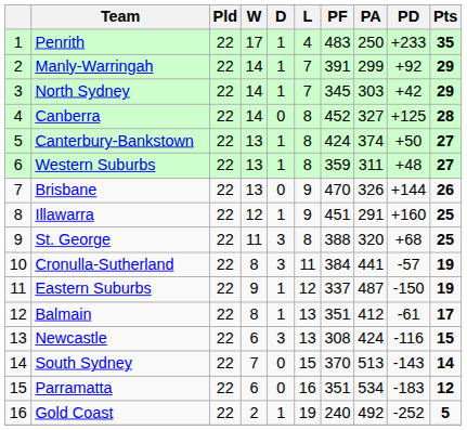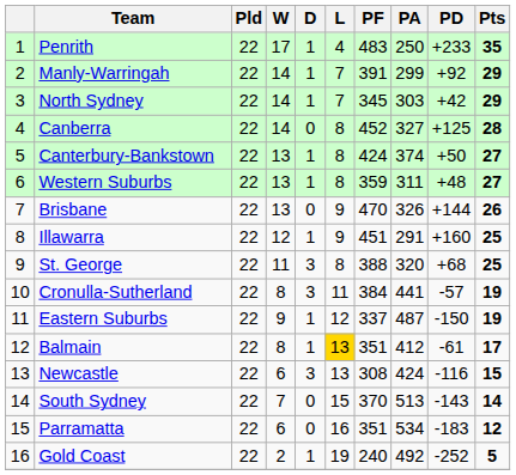 <table class="wikitable" style="text-align:center;">
 <tr>
 <th width=20 abbr="Position×"></th>
 <th width=175>Team</th>
 <th width=20 abbr="Played">Pld</th>
 <th width=20 abbr="Won">W</th>
 <th width=20 abbr="Drawn">D</th>
 <th width=20 abbr="Lost">L</th>
 <th width=20 abbr="Points for">PF</th>
 <th width=20 abbr="Points against">PA</th>
 <th width=20 abbr="Points difference">PD</th>
 <th width=20 abbr="Points">Pts</th>
 </tr>
 <tr style="background: #ccffcc;">
 <td>1</td>
 <td style="text-align:left;"> <a href='#'>Penrith</a></td>
 <td>22</td>
 <td>17</td>
 <td>1</td>
 <td>4</td>
 <td>483</td>
 <td>250</td>
 <td>+233</td>
 <td><strong>35</strong></td>
 </tr>
 <tr style="background: #ccffcc;">
 <td>2</td>
 <td style="text-align:left;"> <a href='#'>Manly-Warringah</a></td>
 <td>22</td>
 <td>14</td>
 <td>1</td>
 <td>7</td>
 <td>391</td>
 <td>299</td>
 <td>+92</td>
 <td><strong>29</strong></td>
 </tr>
 <tr style="background: #ccffcc;">
 <td>3</td>
 <td style="text-align:left;"> <a href='#'>North Sydney</a></td>
 <td>22</td>
 <td>14</td>
 <td>1</td>
 <td>7</td>
 <td>345</td>
 <td>303</td>
 <td>+42</td>
 <td><strong>29</strong></td>
 </tr>
 <tr style="background: #ccffcc;">
 <td>4</td>
 <td style="text-align:left;"> <a href='#'>Canberra</a></td>
 <td>22</td>
 <td>14</td>
 <td>0</td>
 <td>8</td>
 <td>452</td>
 <td>327</td>
 <td>+125</td>
 <td><strong>28</strong></td>
 </tr>
 <tr style="background: #ccffcc;">
 <td>5</td>
 <td style="text-align:left;"> <a href='#'>Canterbury-Bankstown</a></td>
 <td>22</td>
 <td>13</td>
 <td>1</td>
 <td>8</td>
 <td>424</td>
 <td>374</td>
 <td>+50</td>
 <td><strong>27</strong></td>
 </tr>
 <tr style="background: #ccffcc;">
 <td>6</td>
 <td style="text-align:left;"> <a href='#'>Western Suburbs</a></td>
 <td>22</td>
 <td>13</td>
 <td>1</td>
 <td>8</td>
 <td>359</td>
 <td>311</td>
 <td>+48</td>
 <td><strong>27</strong></td>
 </tr>
 <tr>
 <td>7</td>
 <td style="text-align:left;"> <a href='#'>Brisbane</a></td>
 <td>22</td>
 <td>13</td>
 <td>0</td>
 <td>9</td>
 <td>470</td>
 <td>326</td>
 <td>+144</td>
 <td><strong>26</strong></td>
 </tr>
 <tr>
 <td>8</td>
 <td style="text-align:left;"> <a href='#'>Illawarra</a></td>
 <td>22</td>
 <td>12</td>
 <td>1</td>
 <td>9</td>
 <td>451</td>
 <td>291</td>
 <td>+160</td>
 <td><strong>25</strong></td>
 </tr>
 <tr>
 <td>9</td>
 <td style="text-align:left;"> <a href='#'>St. George</a></td>
 <td>22</td>
 <td>11</td>
 <td>3</td>
 <td>8</td>
 <td>388</td>
 <td>320</td>
 <td>+68</td>
 <td><strong>25</strong></td>
 </tr>
 <tr>
 <td>10</td>
 <td style="text-align:left;"> <a href='#'>Cronulla-Sutherland</a></td>
 <td>22</td>
 <td>8</td>
 <td>3</td>
 <td>11</td>
 <td>384</td>
 <td>441</td>
 <td>-57</td>
 <td><strong>19</strong></td>
 </tr>
 <tr>
 <td>11</td>
 <td style="text-align:left;"> <a href='#'>Eastern Suburbs</a></td>
 <td>22</td>
 <td>9</td>
 <td>1</td>
 <td>12</td>
 <td>337</td>
 <td>487</td>
 <td>-150</td>
 <td><strong>19</strong></td>
 </tr>
 <tr>
 <td>12</td>
 <td style="text-align:left;"> <a href='#'>Balmain</a></td>
 <td>22</td>
 <td>8</td>
 <td>1</td>
-<td>13</td>
+<td style="background: gold;">13</td>
 <td>351</td>
 <td>412</td>
 <td>-61</td>
 <td><strong>17</strong></td>
 </tr>
 <tr>
 <td>13</td>
 <td style="text-align:left;"> <a href='#'>Newcastle</a></td>
 <td>22</td>
 <td>6</td>
 <td>3</td>
 <td>13</td>
 <td>308</td>
 <td>424</td>
 <td>-116</td>
 <td><strong>15</strong></td>
 </tr>
 <tr>
 <td>14</td>
 <td style="text-align:left;"> <a href='#'>South Sydney</a></td>
 <td>22</td>
 <td>7</td>
 <td>0</td>
 <td>15</td>
 <td>370</td>
 <td>513</td>
 <td>-143</td>
 <td><strong>14</strong></td>
 </tr>
 <tr>
 <td>15</td>
 <td style="text-align:left;"> <a href='#'>Parramatta</a></td>
 <td>22</td>
 <td>6</td>
 <td>0</td>
 <td>16</td>
 <td>351</td>
 <td>534</td>
 <td>-183</td>
 <td><strong>12</strong></td>
 </tr>
 <tr>
 <td>16</td>
 <td style="text-align:left;"> <a href='#'>Gold Coast</a></td>
 <td>22</td>
 <td>2</td>
 <td>1</td>
 <td>19</td>
 <td>240</td>
 <td>492</td>
 <td>-252</td>
 <td><strong>5</strong></td>
 </tr>
 <tr>
 </tr>
 </table>
